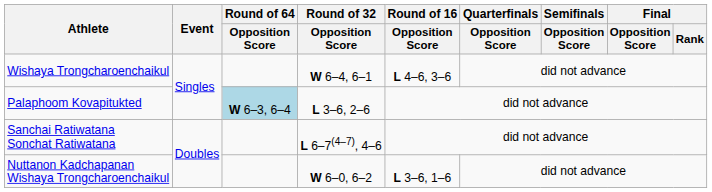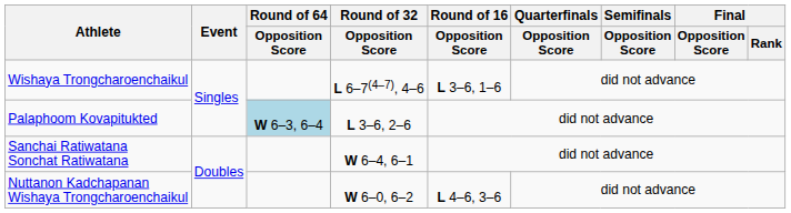 <table class=wikitable style="font-size:90%">
 <tr>
 <th rowspan="2">Athlete</th>
 <th rowspan="2">Event</th>
 <th>Round of 64</th>
 <th>Round of 32</th>
 <th>Round of 16</th>
 <th>Quarterfinals</th>
 <th>Semifinals</th>
 <th colspan=2>Final</th>
 </tr>
 <tr style="font-size:95%">
 <th>Opposition<br>Score</th>
 <th>Opposition<br>Score</th>
 <th>Opposition<br>Score</th>
 <th>Opposition<br>Score</th>
 <th>Opposition<br>Score</th>
 <th>Opposition<br>Score</th>
 <th>Rank</th>
 </tr>
 <tr align=center>
 <td align=left><a href='#'>Wishaya Trongcharoenchaikul</a></td>
 <td align=left rowspan=2><a href='#'>Singles</a></td>
 <td></td>
-<td>  <br><strong>W</strong> 6–4, 6–1</td>
-<td> <br><strong>L</strong> 4–6, 3–6</td>
+<td> <br><strong>L</strong> 6–7<sup>(4–7)</sup>, 4–6</td>
+<td> <br><strong>L</strong> 3–6, 1–6</td>
 <td colspan=4>did not advance</td>
 </tr>
 <tr align=center>
 <td align=left><a href='#'>Palaphoom Kovapitukted</a></td>
 <td style="background: lightblue;"> <br><strong>W</strong> 6–3, 6–4</td>
 <td> <br><strong>L</strong> 3–6, 2–6</td>
 <td colspan=5>did not advance</td>
 </tr>
 <tr align=center>
 <td align=left><a href='#'>Sanchai Ratiwatana</a><br><a href='#'>Sonchat Ratiwatana</a></td>
 <td align=left rowspan=2><a href='#'>Doubles</a></td>
 <td></td>
-<td> <br><strong>L</strong> 6–7<sup>(4–7)</sup>, 4–6</td>
+<td>  <br><strong>W</strong> 6–4, 6–1</td>
 <td colspan=5>did not advance</td>
 </tr>
 <tr align=center>
 <td align=left><a href='#'>Nuttanon Kadchapanan</a><br><a href='#'>Wishaya Trongcharoenchaikul</a></td>
 <td></td>
 <td> <br><strong>W</strong> 6–0, 6–2</td>
-<td> <br><strong>L</strong> 3–6, 1–6</td>
+<td> <br><strong>L</strong> 4–6, 3–6</td>
 <td colspan=4>did not advance</td>
 </tr>
 </table>
